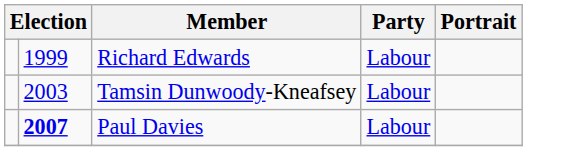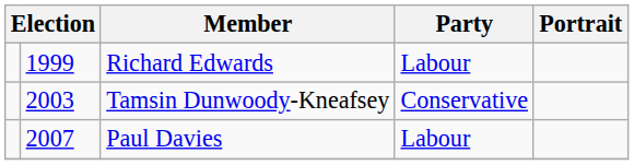 <table class="wikitable">
 <tr>
 <th colspan="2">Election</th>
 <th>Member</th>
 <th>Party</th>
 <th>Portrait</th>
 </tr>
 <tr>
 <td style="background-color: "></td>
 <td><a href='#'>1999</a></td>
 <td><a href='#'>Richard Edwards</a></td>
 <td><a href='#'>Labour</a></td>
 <td></td>
 </tr>
 <tr>
 <td style="background-color: "></td>
 <td><a href='#'>2003</a></td>
 <td><a href='#'>Tamsin Dunwoody</a>-Kneafsey</td>
-<td><a href='#'>Labour</a></td>
+<td><a href='#'>Conservative</a></td>
 <td></td>
 </tr>
 <tr>
 <td style="background-color: "></td>
-<td><strong><a href='#'>2007</a></strong></td>
+<td><a href='#'>2007</a></td>
 <td><a href='#'>Paul Davies</a></td>
 <td><a href='#'>Labour</a></td>
 <td></td>
 </tr>
 <tr>
 </tr>
 </table>
